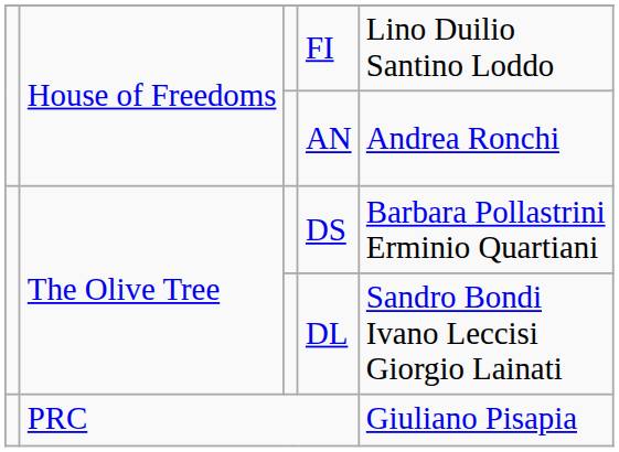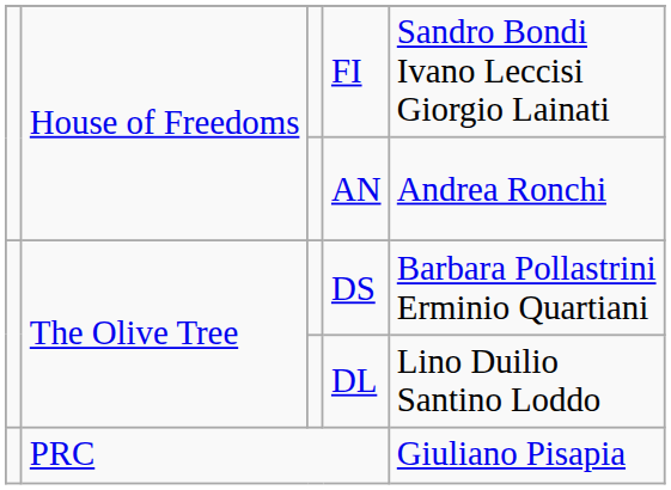 <table class=wikitable style=text-align:left>
 <tr>
 </tr>
 <tr>
 <td rowspan=2></td>
 <td rowspan=2><a href='#'>House of Freedoms</a></td>
 <td style="background:"></td>
 <td><a href='#'>FI</a></td>
-<td>Lino Duilio<br>Santino Loddo</td>
+<td><a href='#'>Sandro Bondi</a><br>Ivano Leccisi<br>Giorgio Lainati</td>
 </tr>
 <tr style="height:3em;">
 <td style="background:"></td>
 <td><a href='#'>AN</a></td>
 <td><a href='#'>Andrea Ronchi</a></td>
 </tr>
 <tr>
 <td rowspan=2></td>
 <td rowspan=2><a href='#'>The Olive Tree</a></td>
 <td style="background:"></td>
 <td><a href='#'>DS</a></td>
 <td><a href='#'>Barbara Pollastrini</a><br>Erminio Quartiani</td>
 </tr>
 <tr>
 <td style="background:"></td>
 <td><a href='#'>DL</a></td>
-<td><a href='#'>Sandro Bondi</a><br>Ivano Leccisi<br>Giorgio Lainati</td>
+<td>Lino Duilio<br>Santino Loddo</td>
 </tr>
 <tr>
 <td style="background:"></td>
 <td colspan=3><a href='#'>PRC</a></td>
 <td><a href='#'>Giuliano Pisapia</a></td>
 </tr>
 </table>
